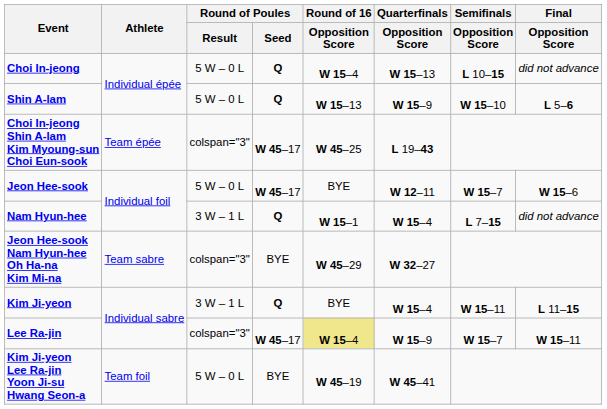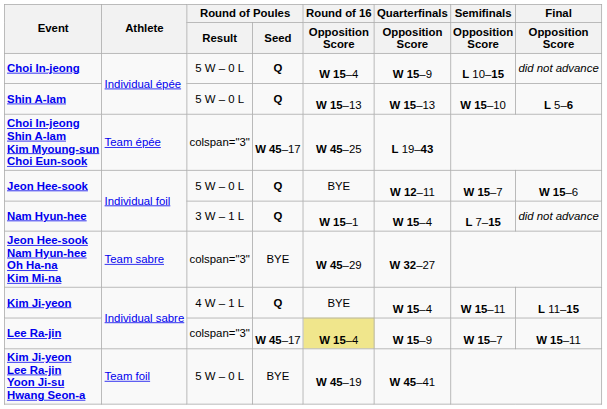 <table class="wikitable" bder="1" style="font-size:90%">
 <tr>
 <th rowspan=2>Event</th>
 <th rowspan=2>Athlete</th>
 <th colspan=2>Round of Poules</th>
 <th>Round of 16</th>
 <th>Quarterfinals</th>
 <th>Semifinals</th>
 <th>Final</th>
 </tr>
 <tr>
 <th>Result</th>
 <th>Seed</th>
 <th>Opposition<br>Score</th>
 <th>Opposition<br>Score</th>
 <th>Opposition<br>Score</th>
 <th>Opposition<br>Score</th>
 </tr>
 <tr>
 <td><strong><a href='#'>Choi In-jeong</a></strong></td>
 <td rowspan=2><a href='#'>Individual épée</a></td>
 <td align=center>5 W – 0 L</td>
 <td align=center><strong>Q</strong></td>
 <td align=center><br><strong>W</strong> <strong>15</strong>–4</td>
-<td align=center><br><strong>W</strong> <strong>15</strong>–13</td>
+<td align=center><br><strong>W</strong> <strong>15</strong>–9</td>
 <td align=center><br><strong>L</strong> 10–<strong>15</strong> <br></td>
 <td align=center colspan=2><em>did not advance</em></td>
 </tr>
 <tr>
 <td><strong><a href='#'>Shin A-lam</a></strong></td>
 <td align=center>5 W – 0 L</td>
 <td align=center><strong>Q</strong></td>
 <td align=center><br><strong>W</strong> <strong>15</strong>–13</td>
-<td align=center><br><strong>W</strong> <strong>15</strong>–9</td>
+<td align=center><br><strong>W</strong> <strong>15</strong>–13</td>
 <td align=center><br><strong>W</strong> <strong>15</strong>–10</td>
 <td align=center><br><strong>L</strong> 5–<strong>6</strong> <br></td>
 </tr>
 <tr>
 <td><strong><a href='#'>Choi In-jeong</a><br><a href='#'>Shin A-lam</a><br><a href='#'>Kim Myoung-sun</a><br><a href='#'>Choi Eun-sook</a></strong></td>
 <td><a href='#'>Team épée</a></td>
 <td>colspan="3" </td>
 <td align=center><br><strong>W</strong> <strong>45</strong>–17</td>
 <td align=center><br><strong>W</strong> <strong>45</strong>–25</td>
 <td align=center><br><strong>L</strong> 19–<strong>43</strong> <br></td>
 </tr>
 <tr>
 <td><strong><a href='#'>Jeon Hee-sook</a></strong></td>
 <td rowspan=2><a href='#'>Individual foil</a></td>
 <td align=center>5 W – 0 L</td>
-<td align=center><br><strong>W</strong> <strong>45</strong>–17</td>
+<td align=center><strong>Q</strong></td>
 <td align=center>BYE</td>
 <td align=center><br><strong>W</strong> <strong>12</strong>–11</td>
 <td align=center><br><strong>W</strong> <strong>15</strong>–7</td>
 <td align=center><br><strong>W</strong> <strong>15</strong>–6 <br></td>
 </tr>
 <tr>
 <td><strong><a href='#'>Nam Hyun-hee</a></strong></td>
 <td align=center>3 W – 1 L</td>
 <td align=center><strong>Q</strong></td>
 <td align=center><br><strong>W</strong> <strong>15</strong>–1</td>
 <td align=center><br><strong>W</strong> <strong>15</strong>–4</td>
 <td align=center><br><strong>L</strong> 7–<strong>15</strong> <br></td>
 <td align=center colspan=2><em>did not advance</em></td>
 </tr>
 <tr>
 <td><strong><a href='#'>Jeon Hee-sook</a><br><a href='#'>Nam Hyun-hee</a><br><a href='#'>Oh Ha-na</a><br><a href='#'>Kim Mi-na</a></strong></td>
 <td><a href='#'>Team sabre</a></td>
 <td>colspan="3" </td>
 <td align=center>BYE</td>
 <td align=center><br><strong>W</strong> <strong>45</strong>–29</td>
 <td align=center><br><strong>W</strong> <strong>32</strong>–27 <br></td>
 </tr>
 <tr>
 <td><strong><a href='#'>Kim Ji-yeon</a></strong></td>
 <td rowspan=2><a href='#'>Individual sabre</a></td>
-<td align=center>3 W – 1 L</td>
+<td align=center>4 W – 1 L</td>
 <td align=center><strong>Q</strong></td>
 <td align=center>BYE</td>
 <td align=center><br><strong>W</strong> <strong>15</strong>–4</td>
 <td align=center><br><strong>W</strong> <strong>15</strong>–11</td>
 <td align=center><br><strong>L</strong> 11–<strong>15</strong> <br></td>
 </tr>
 <tr>
 <td><strong><a href='#'>Lee Ra-jin</a></strong></td>
 <td>colspan="3" </td>
 <td align=center><br><strong>W</strong> <strong>45</strong>–17</td>
 <td align=center style="background: khaki;"><br><strong>W</strong> <strong>15</strong>–4</td>
 <td align=center><br><strong>W</strong> <strong>15</strong>–9</td>
 <td align=center><br><strong>W</strong> <strong>15</strong>–7</td>
 <td align=center><br><strong>W</strong> <strong>15</strong>–11 <br></td>
 </tr>
 <tr>
 <td><strong><a href='#'>Kim Ji-yeon</a><br><a href='#'>Lee Ra-jin</a><br><a href='#'>Yoon Ji-su</a><br><a href='#'>Hwang Seon-a</a></strong></td>
 <td><a href='#'>Team foil</a></td>
 <td align=center>5 W – 0 L</td>
 <td align=center>BYE</td>
 <td align=center><br><strong>W</strong> <strong>45</strong>–19</td>
 <td align=center><br><strong>W</strong> <strong>45</strong>–41 <br></td>
 </tr>
 </table>
